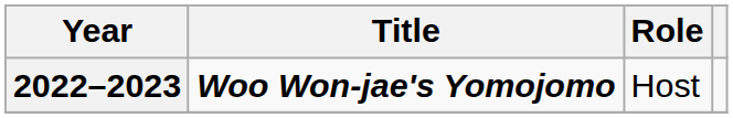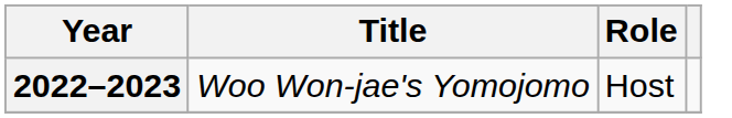 <table class="wikitable plainrowheaders">
 <tr>
 <th scope="col">Year</th>
 <th scope="col">Title</th>
 <th scope="col">Role</th>
 <th scope="col" class="unsortable"></th>
 </tr>
 <tr>
 <th scope="row">2022–2023</th>
-<td><strong><em>Woo Won-jae's Yomojomo</em></strong></td>
+<td><em>Woo Won-jae's Yomojomo</em></td>
 <td>Host</td>
 <td></td>
 </tr>
 <tr>
 </tr>
 </table>
